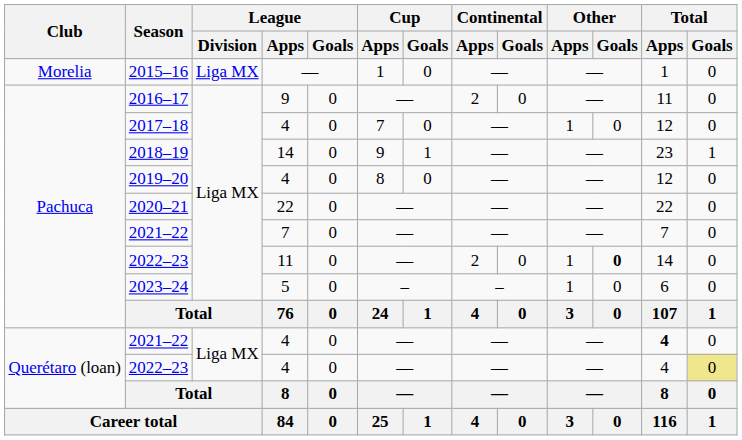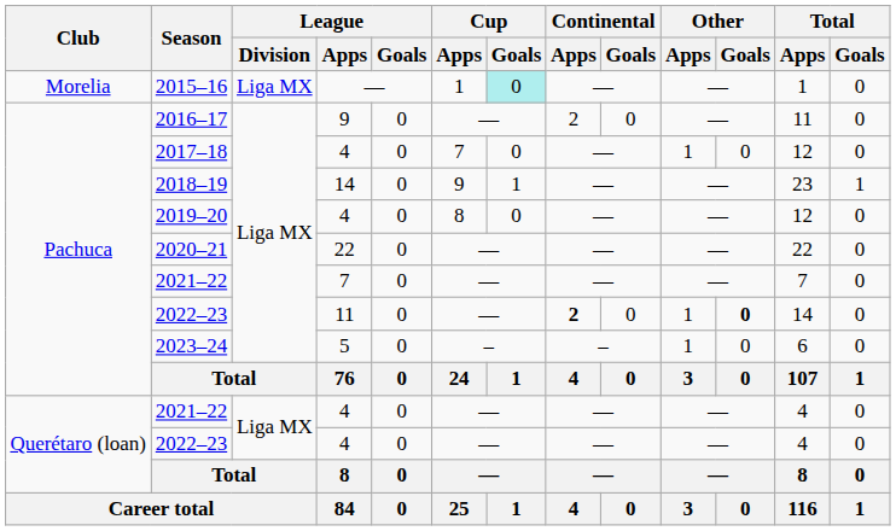 <table class="wikitable" style="text-align:center">
 <tr>
 <th rowspan="2">Club</th>
 <th rowspan="2">Season</th>
 <th colspan="3">League</th>
 <th colspan="2">Cup</th>
 <th colspan="2">Continental</th>
 <th colspan="2">Other</th>
 <th colspan="2">Total</th>
 </tr>
 <tr>
 <th>Division</th>
 <th>Apps</th>
 <th>Goals</th>
 <th>Apps</th>
 <th>Goals</th>
 <th>Apps</th>
 <th>Goals</th>
 <th>Apps</th>
 <th>Goals</th>
 <th>Apps</th>
 <th>Goals</th>
 </tr>
 <tr>
 <td><a href='#'>Morelia</a></td>
 <td><a href='#'>2015–16</a></td>
 <td><a href='#'>Liga MX</a></td>
 <td colspan=2>—</td>
 <td>1</td>
-<td>0</td>
+<td style="background: paleturquoise;">0</td>
 <td colspan=2>—</td>
 <td colspan=2>—</td>
 <td>1</td>
 <td>0</td>
 </tr>
 <tr>
 <td rowspan="9"><a href='#'>Pachuca</a></td>
 <td><a href='#'>2016–17</a></td>
 <td rowspan="8">Liga MX</td>
 <td>9</td>
 <td>0</td>
 <td colspan=2>—</td>
 <td>2</td>
 <td>0</td>
 <td colspan=2>—</td>
 <td>11</td>
 <td>0</td>
 </tr>
 <tr>
 <td><a href='#'>2017–18</a></td>
 <td>4</td>
 <td>0</td>
 <td>7</td>
 <td>0</td>
 <td colspan=2>—</td>
 <td>1</td>
 <td>0</td>
 <td>12</td>
 <td>0</td>
 </tr>
 <tr>
 <td><a href='#'>2018–19</a></td>
 <td>14</td>
 <td>0</td>
 <td>9</td>
 <td>1</td>
 <td colspan=2>—</td>
 <td colspan=2>—</td>
 <td>23</td>
 <td>1</td>
 </tr>
 <tr>
 <td><a href='#'>2019–20</a></td>
 <td>4</td>
 <td>0</td>
 <td>8</td>
 <td>0</td>
 <td colspan=2>—</td>
 <td colspan=2>—</td>
 <td>12</td>
 <td>0</td>
 </tr>
 <tr>
 <td><a href='#'>2020–21</a></td>
 <td>22</td>
 <td>0</td>
 <td colspan=2>—</td>
 <td colspan=2>—</td>
 <td colspan=2>—</td>
 <td>22</td>
 <td>0</td>
 </tr>
 <tr>
 <td><a href='#'>2021–22</a></td>
 <td>7</td>
 <td>0</td>
 <td colspan=2>—</td>
 <td colspan=2>—</td>
 <td colspan=2>—</td>
 <td>7</td>
 <td>0</td>
 </tr>
 <tr>
 <td><a href='#'>2022–23</a></td>
 <td>11</td>
 <td>0</td>
 <td colspan=2>—</td>
-<td>2</td>
+<td><strong>2</strong></td>
 <td>0</td>
 <td>1</td>
 <td><strong>0</strong></td>
 <td>14</td>
 <td>0</td>
 </tr>
 <tr>
 <td><a href='#'>2023–24</a></td>
 <td>5</td>
 <td>0</td>
 <td colspan="2">–</td>
 <td colspan="2">–</td>
 <td>1</td>
 <td>0</td>
 <td>6</td>
 <td>0</td>
 </tr>
 <tr>
 <th colspan="2">Total</th>
 <th>76</th>
 <th>0</th>
 <th>24</th>
 <th>1</th>
 <th>4</th>
 <th>0</th>
 <th>3</th>
 <th>0</th>
 <th>107</th>
 <th>1</th>
 </tr>
 <tr>
 <td rowspan="3"><a href='#'>Querétaro</a> (loan)</td>
 <td><a href='#'>2021–22</a></td>
 <td rowspan="2">Liga MX</td>
 <td>4</td>
 <td>0</td>
 <td colspan="2">—</td>
 <td colspan="2">—</td>
 <td colspan="2">—</td>
-<td><strong>4</strong></td>
+<td>4</td>
 <td>0</td>
 </tr>
 <tr>
 <td><a href='#'>2022–23</a></td>
 <td>4</td>
 <td>0</td>
 <td colspan=2>—</td>
 <td colspan=2>—</td>
 <td colspan=2>—</td>
 <td>4</td>
-<td style="background: khaki;">0</td>
+<td>0</td>
 </tr>
 <tr>
 <th colspan="2">Total</th>
 <th>8</th>
 <th>0</th>
 <th colspan=2>—</th>
 <th colspan=2>—</th>
 <th colspan=2>—</th>
 <th>8</th>
 <th>0</th>
 </tr>
 <tr>
 <th colspan="3">Career total</th>
 <th>84</th>
 <th>0</th>
 <th>25</th>
 <th>1</th>
 <th>4</th>
 <th>0</th>
 <th>3</th>
 <th>0</th>
 <th>116</th>
 <th>1</th>
 </tr>
 </table>
